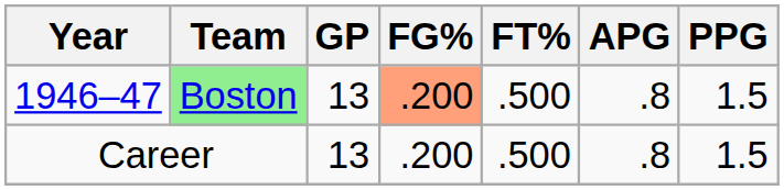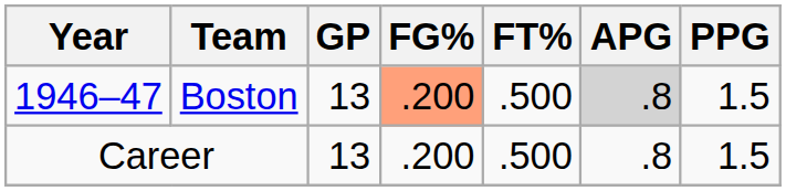 <table class="wikitable sortable" style="font-size:95%; text-align:right;">
 <tr>
 <th>Year</th>
 <th>Team</th>
 <th>GP</th>
 <th>FG%</th>
 <th>FT%</th>
 <th>APG</th>
 <th>PPG</th>
 </tr>
 <tr>
 <td style="text-align:left;"><a href='#'>1946–47</a></td>
-<td style="background: lightgreen; text-align:left;"><a href='#'>Boston</a></td>
+<td style="text-align:left;"><a href='#'>Boston</a></td>
 <td>13</td>
 <td style="background: lightsalmon;">.200</td>
 <td>.500</td>
-<td>.8</td>
+<td style="background: lightgrey;">.8</td>
 <td>1.5</td>
 </tr>
 <tr>
 <td style="text-align:center;" colspan="2">Career</td>
 <td>13</td>
 <td>.200</td>
 <td>.500</td>
 <td>.8</td>
 <td>1.5</td>
 </tr>
 <tr>
 </tr>
 </table>
